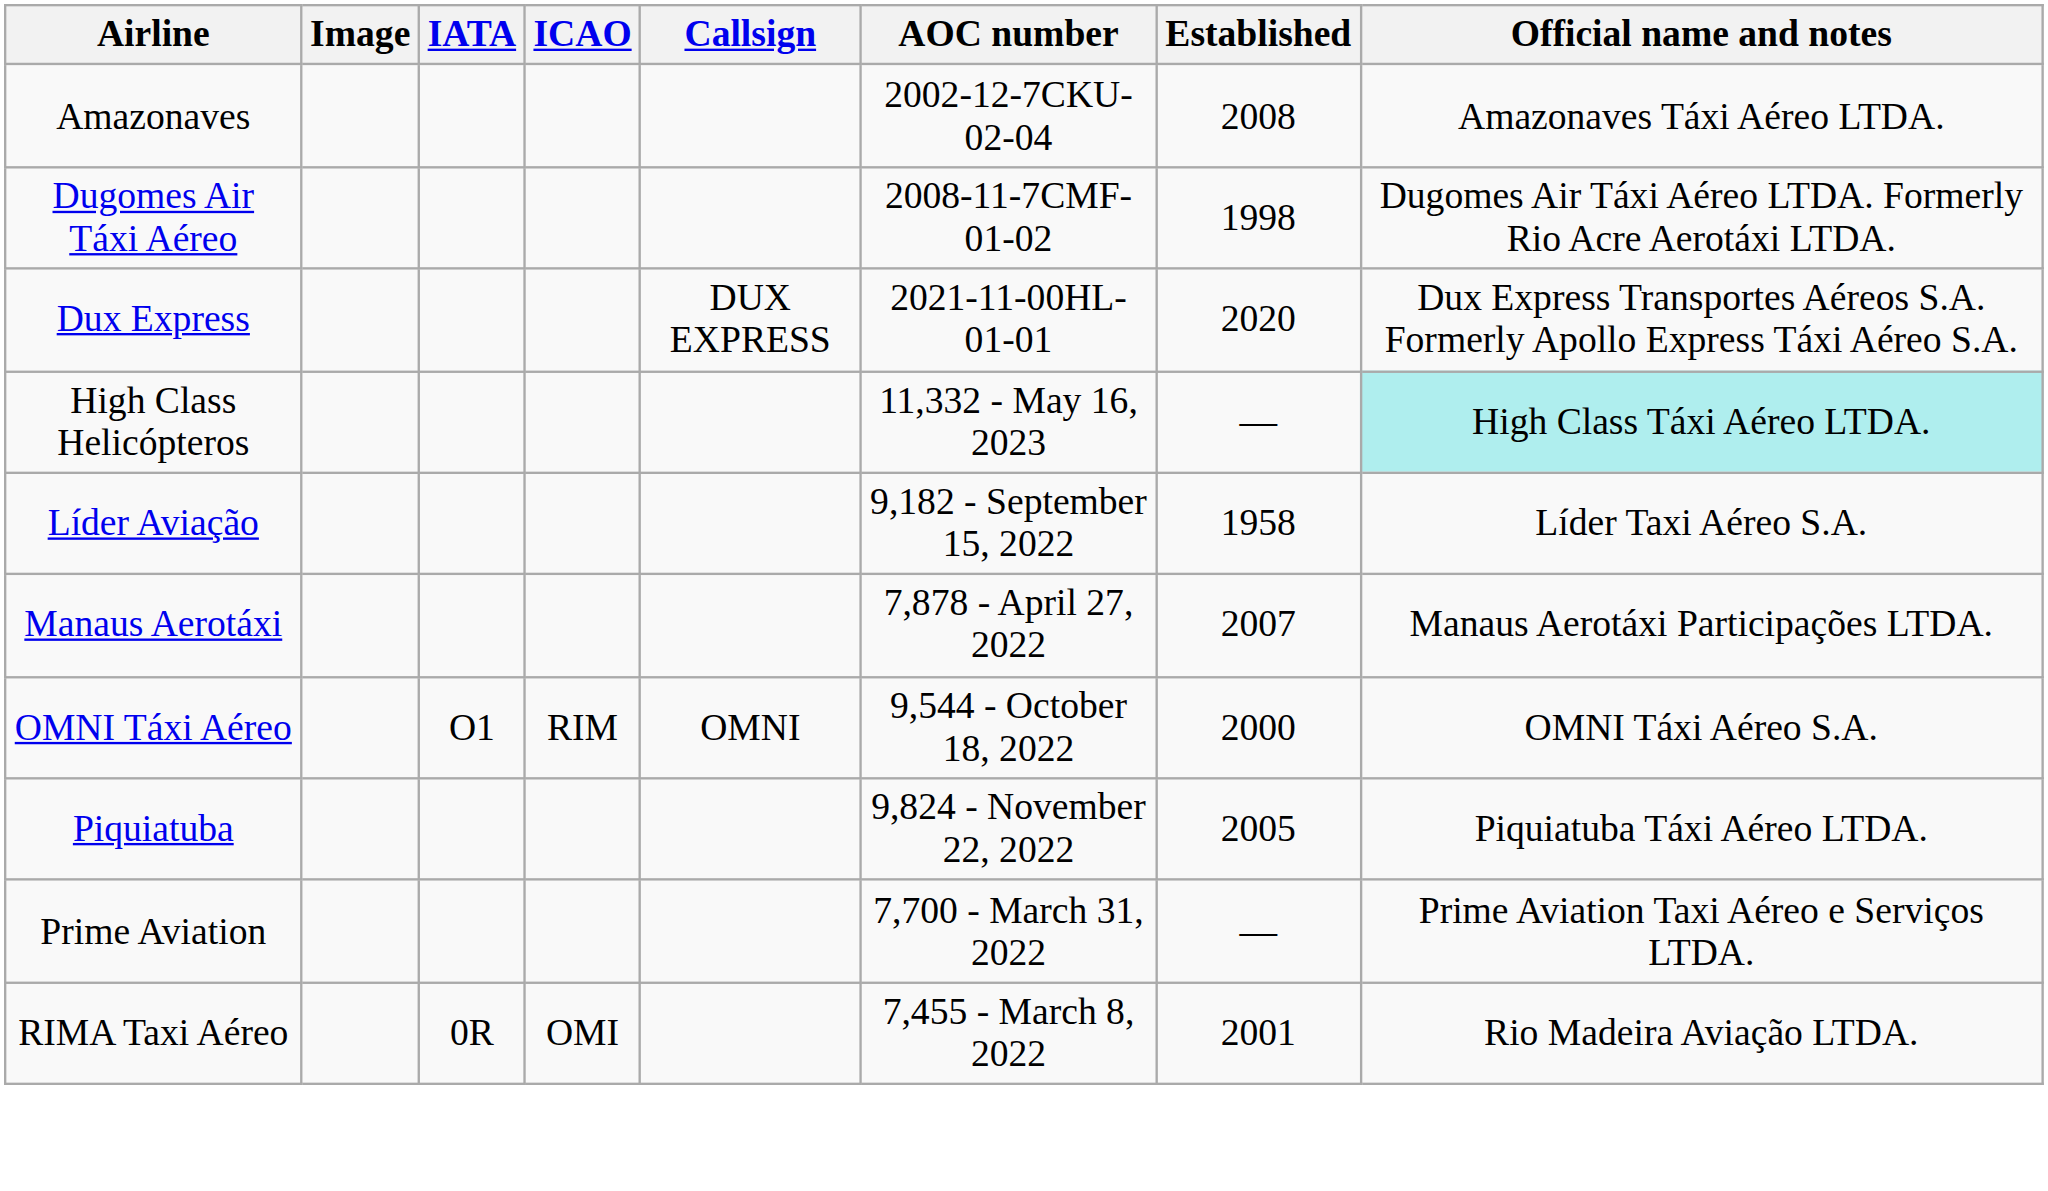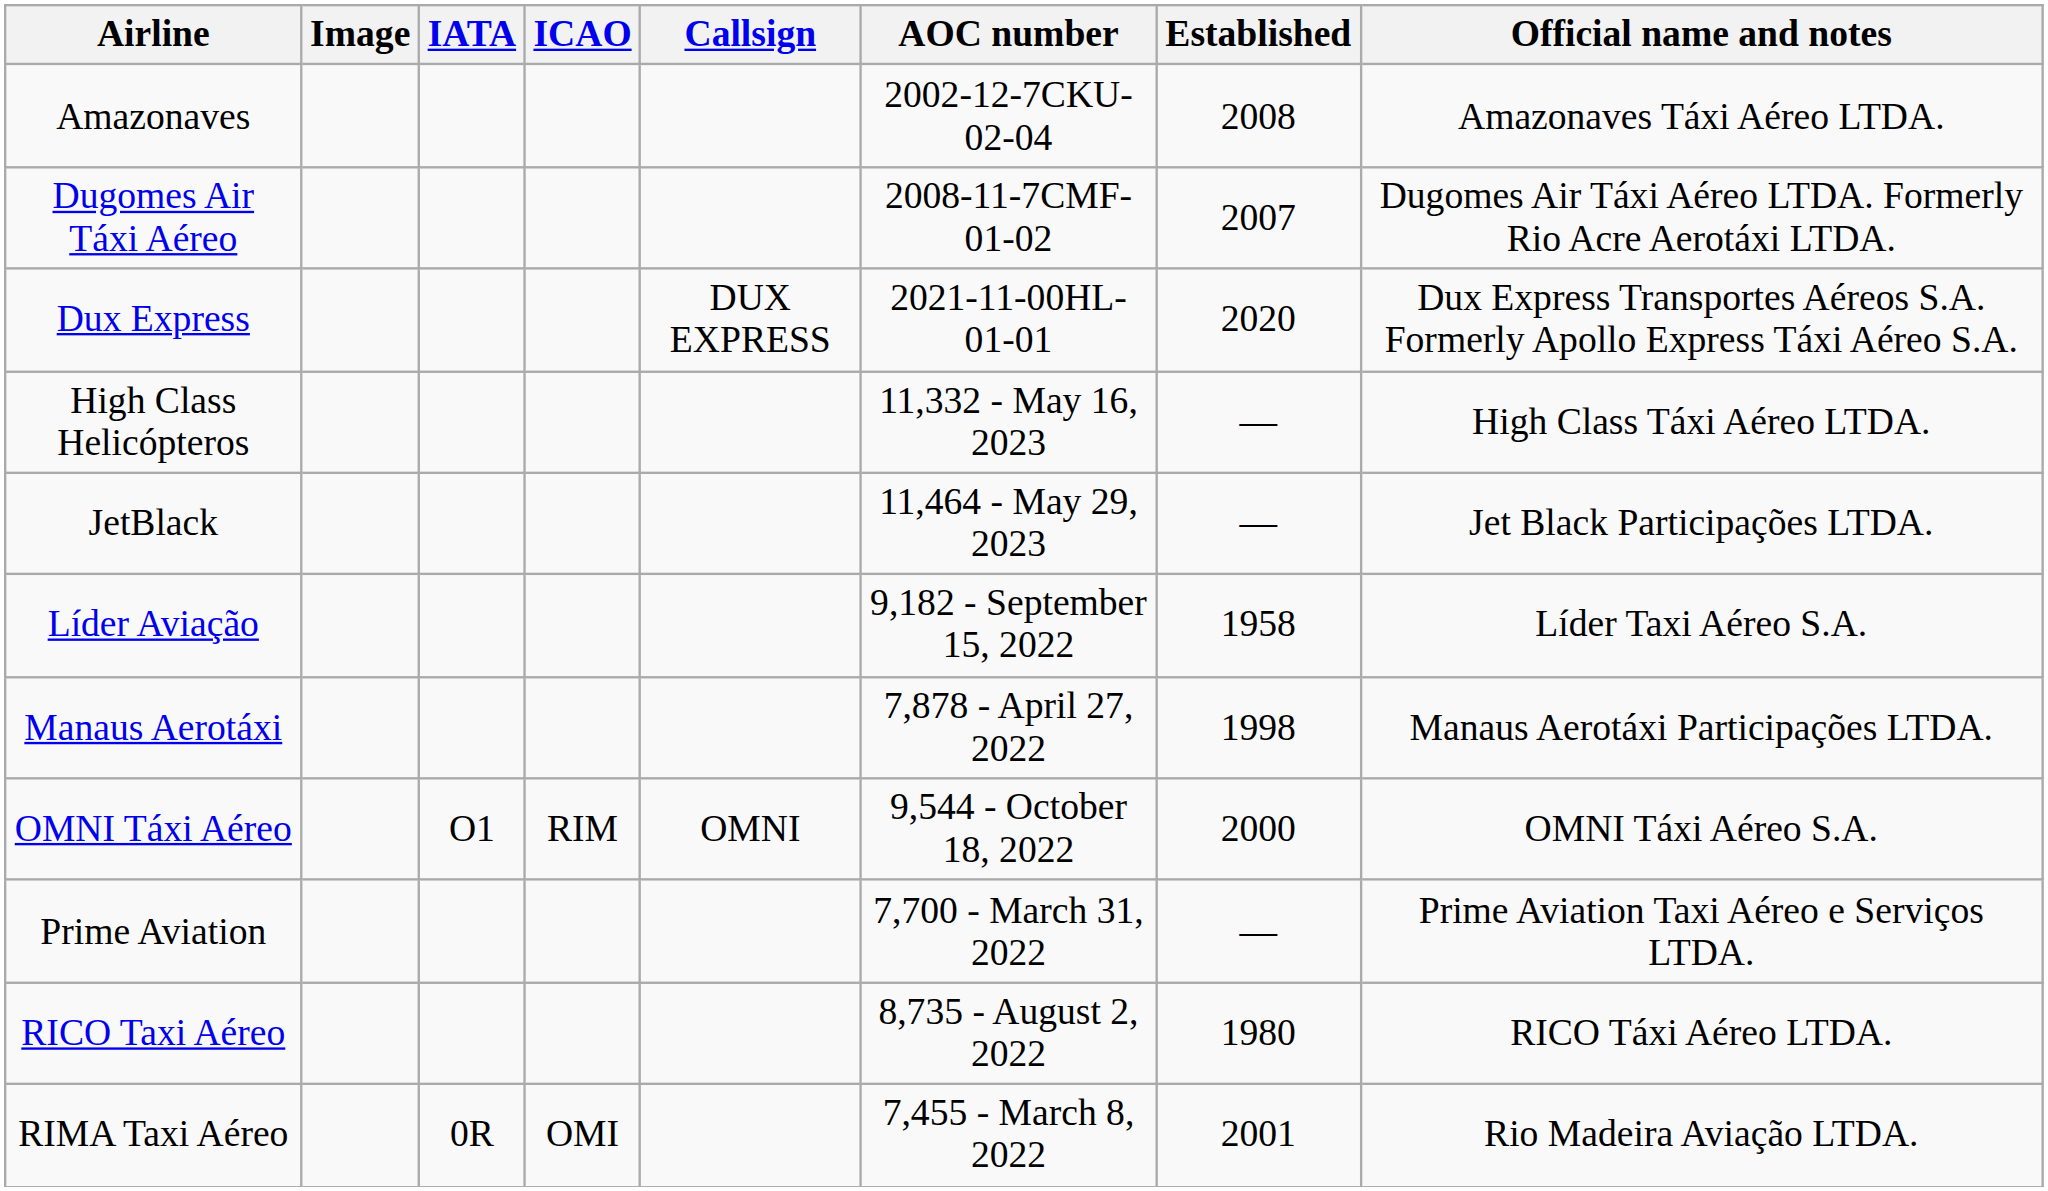 <table class="wikitable sortable" style="border: 0; cellpadding: 2; cellspacing: 3; text-align:center; width:10m;">
 <tr valign="middle">
 <th>Airline</th>
 <th>Image</th>
 <th><a href='#'>IATA</a></th>
 <th><a href='#'>ICAO</a></th>
 <th><a href='#'>Callsign</a></th>
 <th>AOC number</th>
 <th>Established</th>
 <th class="unsortable">Official name and notes</th>
 </tr>
 <tr>
 <td>Amazonaves</td>
 <td></td>
 <td></td>
 <td></td>
 <td></td>
 <td>2002-12-7CKU-02-04</td>
 <td>2008</td>
 <td>Amazonaves Táxi Aéreo LTDA.</td>
 </tr>
 <tr>
 <td><a href='#'>Dugomes Air Táxi Aéreo</a></td>
 <td></td>
 <td></td>
 <td></td>
 <td></td>
 <td>2008-11-7CMF-01-02</td>
-<td>1998</td>
+<td>2007</td>
 <td>Dugomes Air Táxi Aéreo LTDA. Formerly Rio Acre Aerotáxi LTDA.</td>
 </tr>
 <tr>
 <td><a href='#'>Dux Express</a></td>
 <td></td>
 <td></td>
 <td></td>
 <td>DUX EXPRESS</td>
 <td>2021-11-00HL-01-01</td>
 <td>2020</td>
 <td><div>Dux Express Transportes Aéreos S.A. Formerly Apollo Express Táxi Aéreo S.A.</div></td>
 </tr>
 <tr>
 <td>High Class Helicópteros</td>
 <td></td>
 <td></td>
 <td></td>
 <td></td>
 <td>11,332 - May 16, 2023</td>
 <td>—</td>
-<td style="background: paleturquoise;">High Class Táxi Aéreo LTDA.</td>
+<td>High Class Táxi Aéreo LTDA.</td>
+</tr>
+<tr>
+<td>JetBlack</td>
+<td></td>
+<td></td>
+<td></td>
+<td></td>
+<td>11,464 - May 29, 2023</td>
+<td>—</td>
+<td>Jet Black Participações LTDA.</td>
 </tr>
 <tr>
 <td><a href='#'>Líder Aviação</a></td>
 <td></td>
 <td></td>
 <td></td>
 <td></td>
 <td>9,182 - September 15, 2022</td>
 <td>1958</td>
 <td>Líder Taxi Aéreo S.A.</td>
 </tr>
 <tr>
 <td><a href='#'>Manaus Aerotáxi</a></td>
 <td></td>
 <td></td>
 <td></td>
 <td></td>
 <td>7,878 - April 27, 2022</td>
-<td>2007</td>
+<td>1998</td>
 <td>Manaus Aerotáxi Participações LTDA.</td>
 </tr>
 <tr>
 <td><a href='#'>OMNI Táxi Aéreo</a></td>
 <td></td>
 <td>O1</td>
 <td>RIM</td>
 <td>OMNI</td>
 <td>9,544 - October 18, 2022</td>
 <td>2000</td>
 <td>OMNI Táxi Aéreo S.A.</td>
 </tr>
 <tr>
-<td><a href='#'>Piquiatuba</a></td>
-<td></td>
-<td></td>
-<td></td>
-<td></td>
-<td>9,824 - November 22, 2022</td>
-<td>2005</td>
-<td>Piquiatuba Táxi Aéreo LTDA.</td>
-</tr>
-<tr>
 <td>Prime Aviation</td>
 <td></td>
 <td></td>
 <td></td>
 <td></td>
 <td>7,700 - March 31, 2022</td>
 <td>—</td>
 <td>Prime Aviation Taxi Aéreo e Serviços LTDA.</td>
+</tr>
+<tr>
+<td><a href='#'>RICO Taxi Aéreo</a></td>
+<td></td>
+<td></td>
+<td></td>
+<td></td>
+<td>8,735 - August 2, 2022</td>
+<td>1980</td>
+<td>RICO Táxi Aéreo LTDA.</td>
 </tr>
 <tr>
 <td>RIMA Taxi Aéreo</td>
 <td></td>
 <td>0R</td>
 <td>OMI</td>
 <td></td>
 <td>7,455 - March 8, 2022</td>
 <td>2001</td>
 <td>Rio Madeira Aviação LTDA.</td>
 </tr>
 </table>
